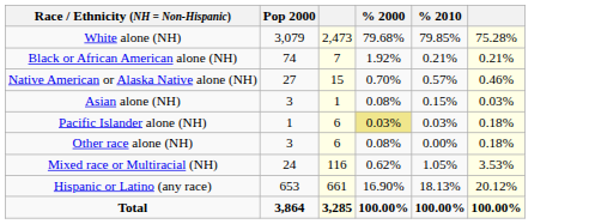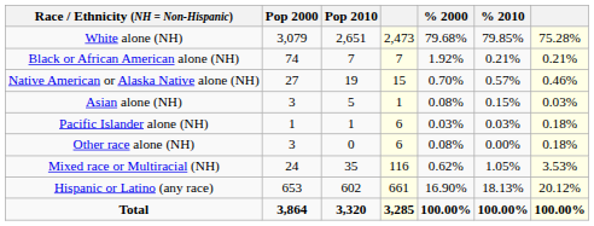 <table class="wikitable" style="text-align:center;">
 <tr>
 <th>Race / Ethnicity <small>(<em>NH = Non-Hispanic</em>)</small></th>
 <th>Pop 2000</th>
+<th>Pop 2010</th>
 <th></th>
 <th>% 2000</th>
 <th>% 2010</th>
 <th></th>
 </tr>
 <tr>
 <td><a href='#'>White</a> alone (NH)</td>
 <td>3,079</td>
+<td>2,651</td>
 <td style='background: #ffffe6;'>2,473</td>
 <td>79.68%</td>
 <td>79.85%</td>
 <td style='background: #ffffe6;'>75.28%</td>
 </tr>
 <tr>
 <td><a href='#'>Black or African American</a> alone (NH)</td>
 <td>74</td>
+<td>7</td>
 <td style='background: #ffffe6;'>7</td>
 <td>1.92%</td>
 <td>0.21%</td>
 <td style='background: #ffffe6;'>0.21%</td>
 </tr>
 <tr>
 <td><a href='#'>Native American</a> or <a href='#'>Alaska Native</a> alone (NH)</td>
 <td>27</td>
+<td>19</td>
 <td style='background: #ffffe6;'>15</td>
 <td>0.70%</td>
 <td>0.57%</td>
 <td style='background: #ffffe6;'>0.46%</td>
 </tr>
 <tr>
 <td><a href='#'>Asian</a> alone (NH)</td>
 <td>3</td>
+<td>5</td>
 <td style='background: #ffffe6;'>1</td>
 <td>0.08%</td>
 <td>0.15%</td>
 <td style='background: #ffffe6;'>0.03%</td>
 </tr>
 <tr>
 <td><a href='#'>Pacific Islander</a> alone (NH)</td>
 <td>1</td>
+<td>1</td>
 <td style='background: #ffffe6;'>6</td>
-<td style="background: khaki;">0.03%</td>
+<td>0.03%</td>
 <td>0.03%</td>
 <td style='background: #ffffe6;'>0.18%</td>
 </tr>
 <tr>
 <td><a href='#'>Other race</a> alone (NH)</td>
 <td>3</td>
+<td>0</td>
 <td style='background: #ffffe6;'>6</td>
 <td>0.08%</td>
 <td>0.00%</td>
 <td style='background: #ffffe6;'>0.18%</td>
 </tr>
 <tr>
 <td><a href='#'>Mixed race or Multiracial</a> (NH)</td>
 <td>24</td>
+<td>35</td>
 <td style='background: #ffffe6;'>116</td>
 <td>0.62%</td>
 <td>1.05%</td>
 <td style='background: #ffffe6;'>3.53%</td>
 </tr>
 <tr>
 <td><a href='#'>Hispanic or Latino</a> (any race)</td>
 <td>653</td>
+<td>602</td>
 <td style='background: #ffffe6;'>661</td>
 <td>16.90%</td>
 <td>18.13%</td>
 <td style='background: #ffffe6;'>20.12%</td>
 </tr>
 <tr>
 <td><strong>Total</strong></td>
 <td><strong>3,864</strong></td>
+<td><strong>3,320</strong></td>
 <td style='background: #ffffe6;'><strong>3,285</strong></td>
 <td><strong>100.00%</strong></td>
 <td><strong>100.00%</strong></td>
 <td style='background: #ffffe6;'><strong>100.00%</strong></td>
 </tr>
 </table>
